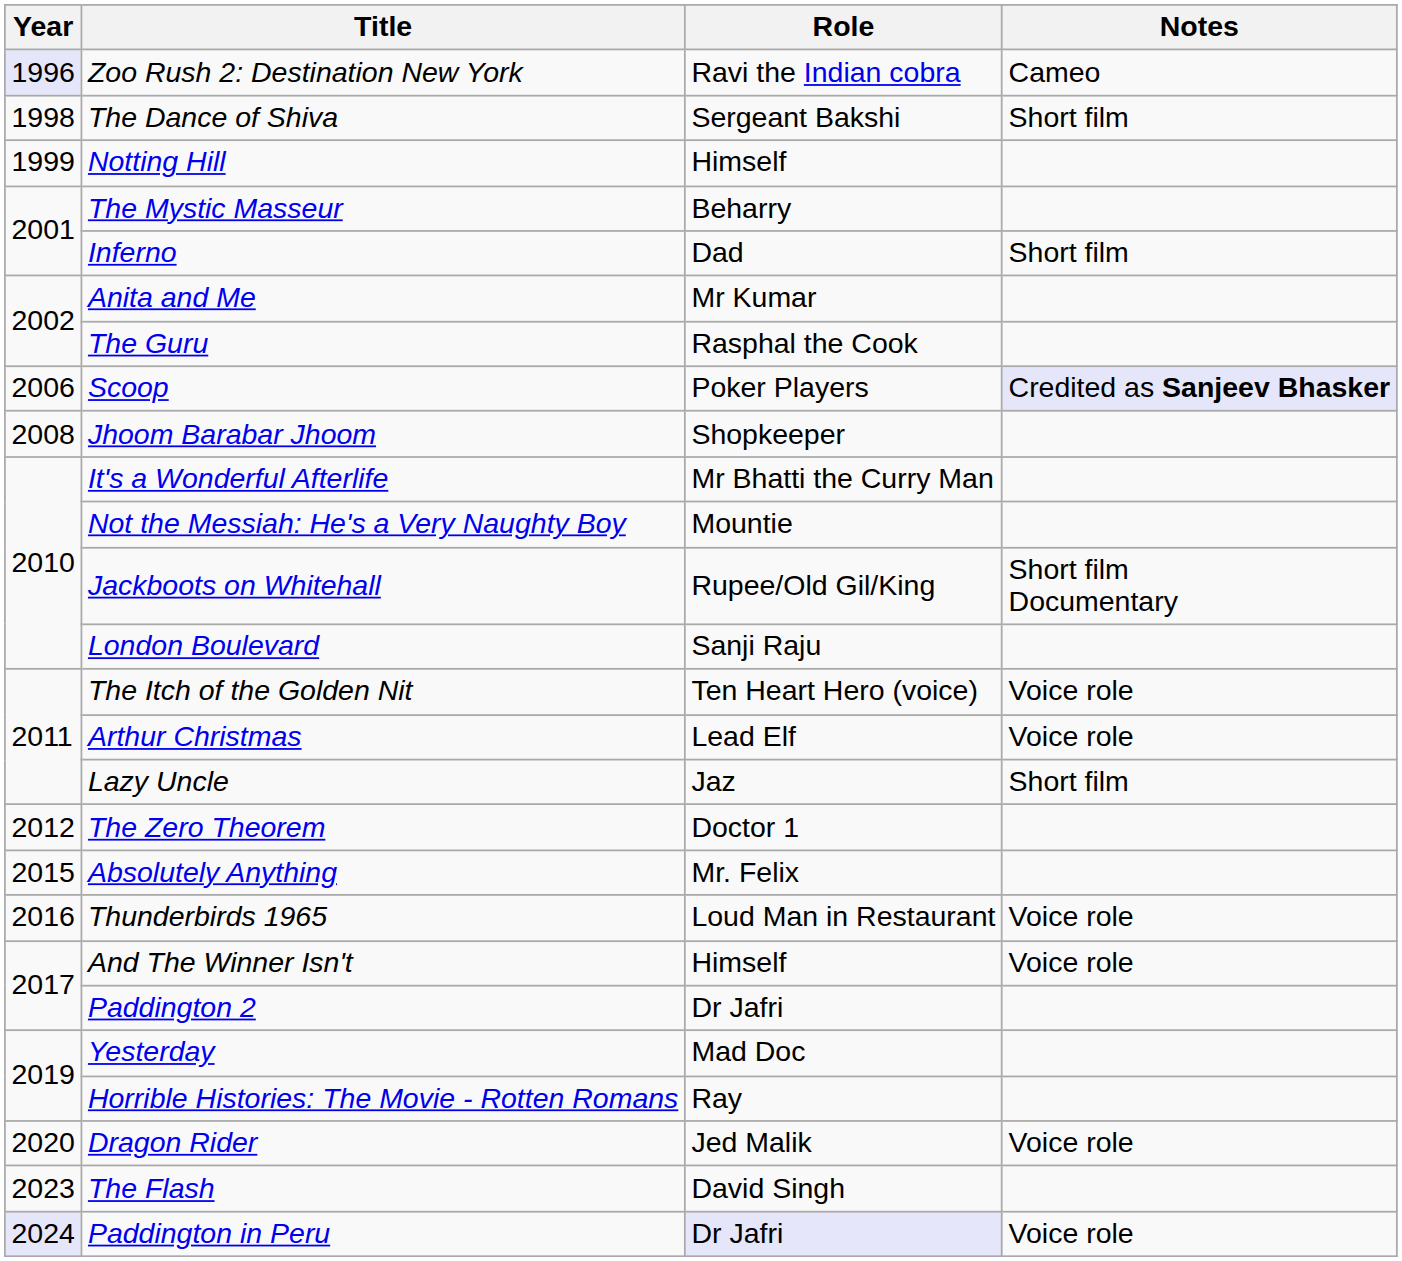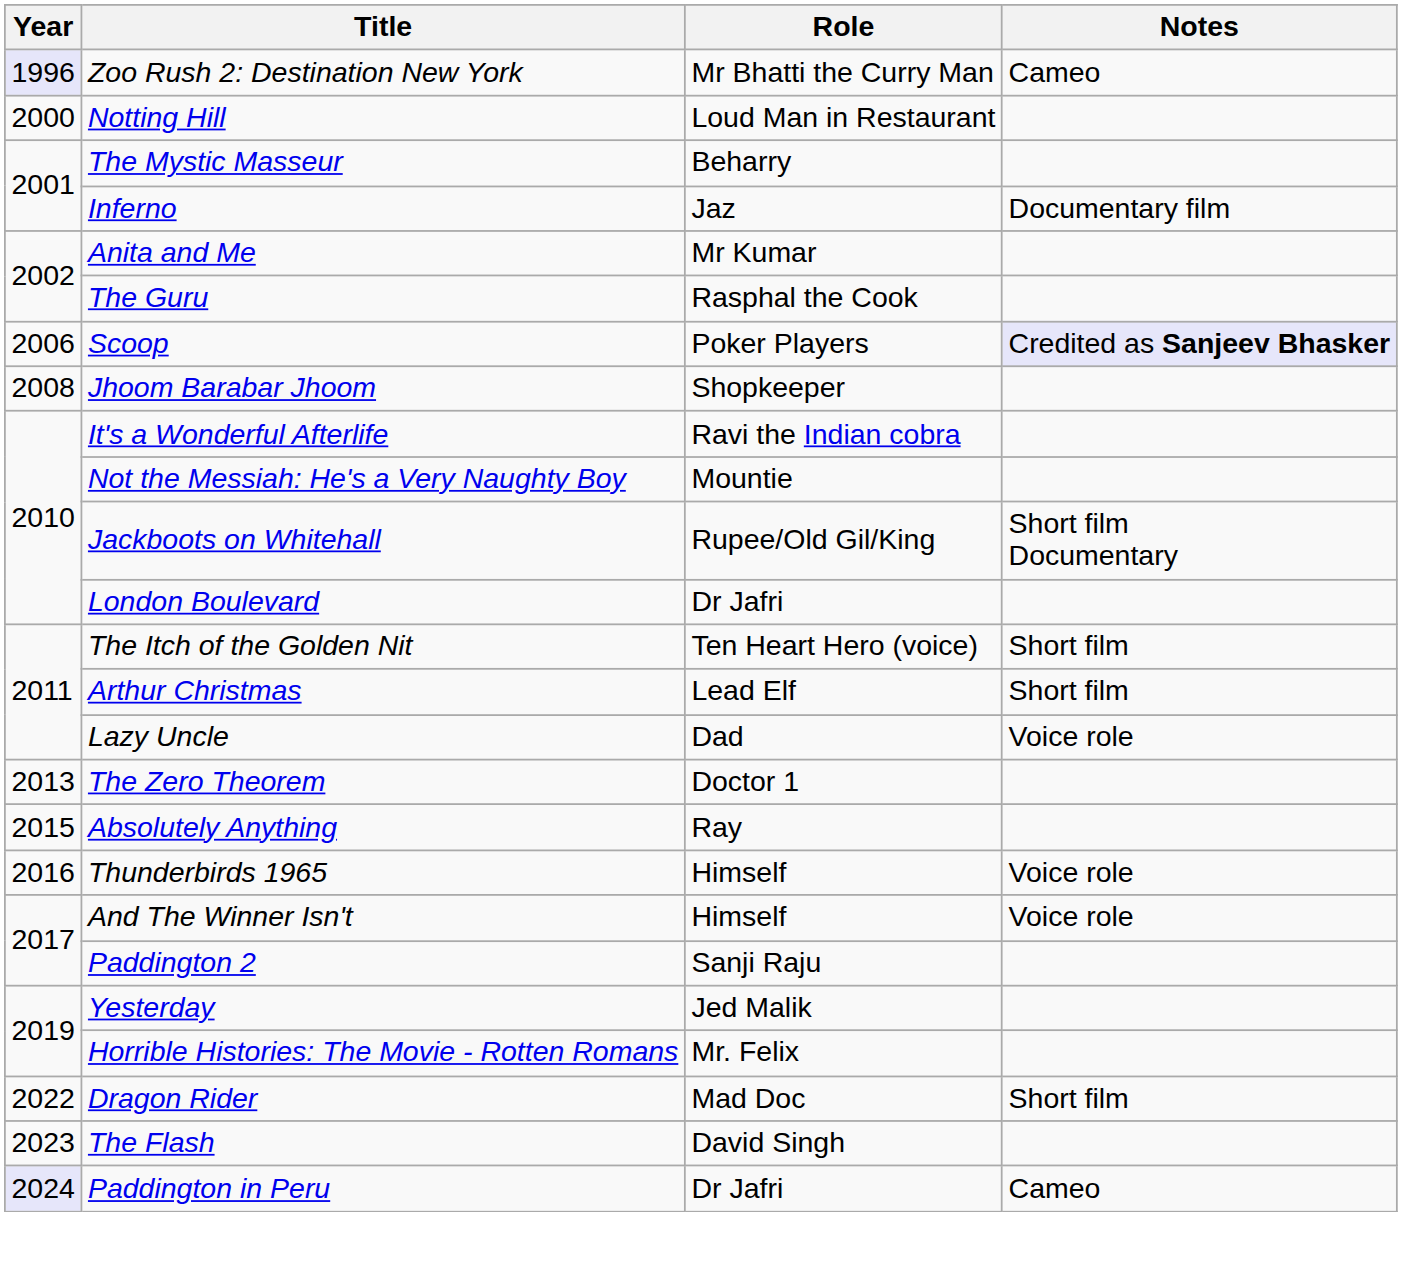 <table class="wikitable sortable">
 <tr>
 <th>Year</th>
 <th>Title</th>
 <th>Role</th>
 <th>Notes</th>
 </tr>
 <tr>
 <td style="background: lavender;">1996</td>
 <td><em>Zoo Rush 2: Destination New York</em></td>
-<td>Ravi the <a href='#'>Indian cobra</a></td>
+<td>Mr Bhatti the Curry Man</td>
 <td>Cameo</td>
 </tr>
 <tr>
-<td>1998</td>
-<td><em>The Dance of Shiva</em></td>
-<td>Sergeant Bakshi</td>
-<td>Short film</td>
-</tr>
-<tr>
-<td>1999</td>
+<td>2000</td>
 <td><em><a href='#'>Notting Hill</a></em></td>
-<td>Himself</td>
+<td>Loud Man in Restaurant</td>
 <td></td>
 </tr>
 <tr>
 <td rowspan="2">2001</td>
 <td><em><a href='#'>The Mystic Masseur</a></em></td>
 <td>Beharry</td>
 <td></td>
 </tr>
 <tr>
 <td><em><a href='#'>Inferno</a></em></td>
-<td>Dad</td>
-<td>Short film</td>
+<td>Jaz</td>
+<td>Documentary film</td>
 </tr>
 <tr>
 <td rowspan="2">2002</td>
 <td><em><a href='#'>Anita and Me</a></em></td>
 <td>Mr Kumar</td>
 <td></td>
 </tr>
 <tr>
 <td><em><a href='#'>The Guru</a></em></td>
 <td>Rasphal the Cook</td>
 <td></td>
 </tr>
 <tr>
 <td>2006</td>
 <td><em><a href='#'>Scoop</a></em></td>
 <td>Poker Players</td>
 <td style="background: lavender;">Credited as <strong>Sanjeev Bhasker</strong></td>
 </tr>
 <tr>
 <td>2008</td>
 <td><em><a href='#'>Jhoom Barabar Jhoom</a></em></td>
 <td>Shopkeeper</td>
 <td></td>
 </tr>
 <tr>
 <td rowspan="4">2010</td>
 <td><em><a href='#'>It's a Wonderful Afterlife</a></em></td>
-<td>Mr Bhatti the Curry Man</td>
+<td>Ravi the <a href='#'>Indian cobra</a></td>
 <td></td>
 </tr>
 <tr>
 <td><em><a href='#'>Not the Messiah: He's a Very Naughty Boy</a></em></td>
 <td>Mountie</td>
 <td></td>
 </tr>
 <tr>
 <td><em><a href='#'>Jackboots on Whitehall</a></em></td>
 <td>Rupee/Old Gil/King</td>
 <td>Short film<br>Documentary</td>
 </tr>
 <tr>
 <td><em><a href='#'>London Boulevard</a></em></td>
-<td>Sanji Raju</td>
+<td>Dr Jafri</td>
 <td></td>
 </tr>
 <tr>
 <td rowspan="3'">2011</td>
 <td><em>The Itch of the Golden Nit</em></td>
 <td>Ten Heart Hero (voice)</td>
-<td>Voice role</td>
+<td>Short film</td>
 </tr>
 <tr>
 <td><em><a href='#'>Arthur Christmas</a></em></td>
 <td>Lead Elf</td>
+<td>Short film</td>
+</tr>
+<tr>
+<td><em>Lazy Uncle</em></td>
+<td>Dad</td>
 <td>Voice role</td>
 </tr>
 <tr>
-<td><em>Lazy Uncle</em></td>
-<td>Jaz</td>
-<td>Short film</td>
-</tr>
-<tr>
-<td>2012</td>
+<td>2013</td>
 <td><em><a href='#'>The Zero Theorem</a></em></td>
 <td>Doctor 1</td>
 <td></td>
 </tr>
 <tr>
 <td>2015</td>
 <td><em><a href='#'>Absolutely Anything</a></em></td>
-<td>Mr. Felix</td>
+<td>Ray</td>
 <td></td>
 </tr>
 <tr>
 <td>2016</td>
 <td><em>Thunderbirds 1965</em></td>
-<td>Loud Man in Restaurant</td>
+<td>Himself</td>
 <td>Voice role</td>
 </tr>
 <tr>
 <td rowspan="2">2017</td>
 <td><em>And The Winner Isn't</em></td>
 <td>Himself</td>
 <td>Voice role</td>
 </tr>
 <tr>
 <td><em><a href='#'>Paddington 2</a></em></td>
-<td>Dr Jafri</td>
+<td>Sanji Raju</td>
 <td></td>
 </tr>
 <tr>
 <td rowspan="2">2019</td>
 <td><em><a href='#'>Yesterday</a></em></td>
-<td>Mad Doc</td>
+<td>Jed Malik</td>
 <td></td>
 </tr>
 <tr>
 <td><em><a href='#'>Horrible Histories: The Movie - Rotten Romans</a></em></td>
-<td>Ray</td>
+<td>Mr. Felix</td>
 <td></td>
 </tr>
 <tr>
-<td>2020</td>
+<td>2022</td>
 <td><em><a href='#'>Dragon Rider</a></em></td>
-<td>Jed Malik</td>
-<td>Voice role</td>
+<td>Mad Doc</td>
+<td>Short film</td>
 </tr>
 <tr>
 <td>2023</td>
 <td><em><a href='#'>The Flash</a></em></td>
 <td>David Singh</td>
 <td></td>
 </tr>
 <tr>
 <td style="background: lavender;">2024</td>
 <td><em><a href='#'>Paddington in Peru</a></em></td>
-<td style="background: lavender;">Dr Jafri</td>
-<td>Voice role</td>
+<td>Dr Jafri</td>
+<td>Cameo</td>
 </tr>
 </table>
